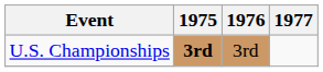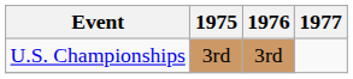 <table class="wikitable">
 <tr>
 <th>Event</th>
 <th>1975</th>
 <th>1976</th>
 <th>1977</th>
 </tr>
 <tr>
 <td><a href='#'>U.S. Championships</a></td>
-<td align="center" bgcolor="#cc9966"><strong>3rd</strong></td>
+<td align="center" bgcolor="#cc9966">3rd</td>
 <td align="center" bgcolor="#cc9966">3rd</td>
 </tr>
 <tr>
 </tr>
 </table>
